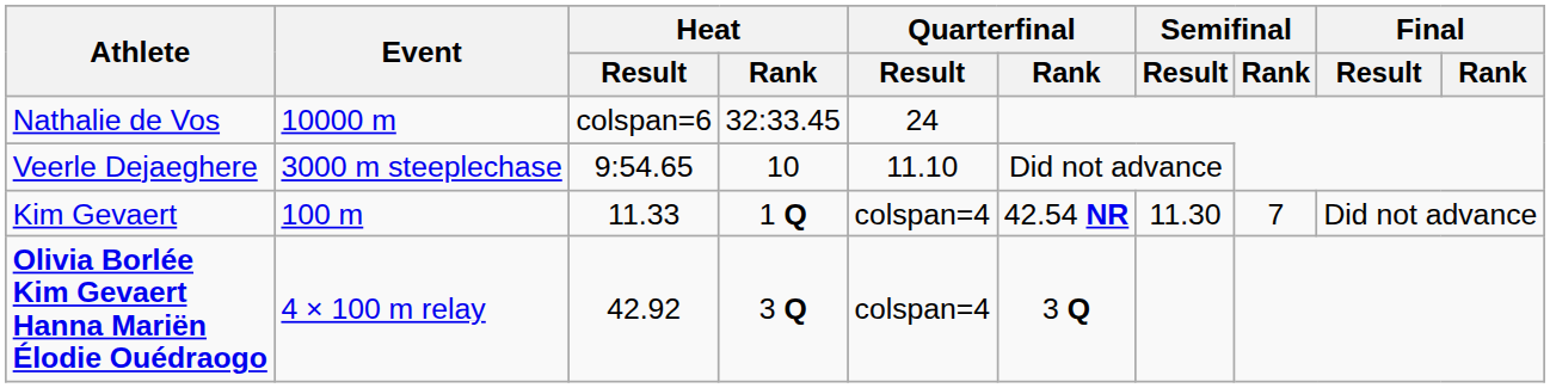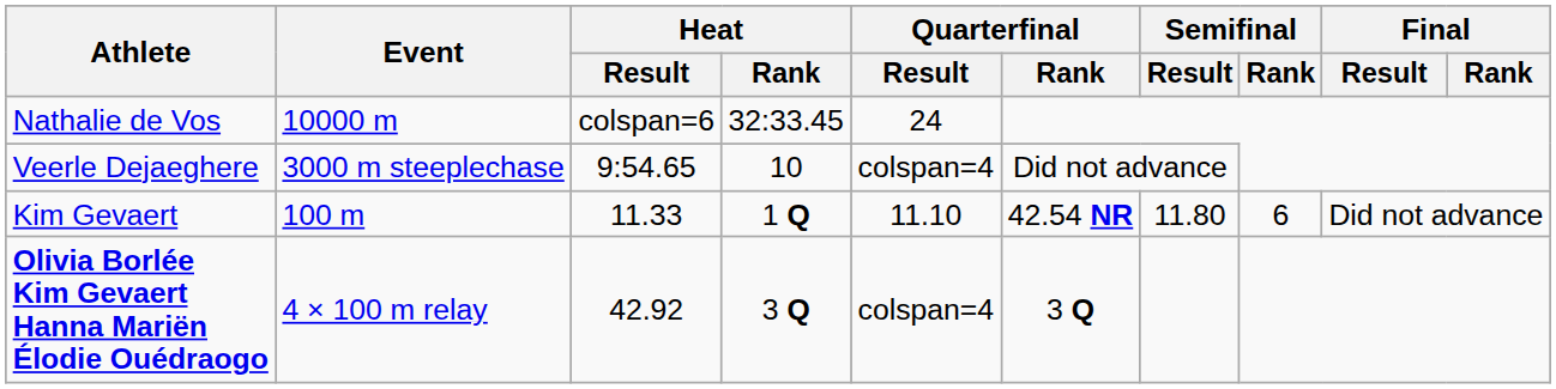 <table class="wikitable" style="font-size:90%">
 <tr>
 <th rowspan="2">Athlete</th>
 <th rowspan="2">Event</th>
 <th colspan="2">Heat</th>
 <th colspan="2">Quarterfinal</th>
 <th colspan="2">Semifinal</th>
 <th colspan="2">Final</th>
 </tr>
 <tr style="font-size:95%">
 <th>Result</th>
 <th>Rank</th>
 <th>Result</th>
 <th>Rank</th>
 <th>Result</th>
 <th>Rank</th>
 <th>Result</th>
 <th>Rank</th>
 </tr>
 <tr align=center>
 <td align=left><a href='#'>Nathalie de Vos</a></td>
 <td align=left><a href='#'>10000 m</a></td>
 <td>colspan=6 </td>
 <td>32:33.45</td>
 <td>24</td>
 </tr>
 <tr align=center>
 <td align=left><a href='#'>Veerle Dejaeghere</a></td>
 <td align=left><a href='#'>3000 m steeplechase</a></td>
 <td>9:54.65</td>
 <td>10</td>
-<td>11.10</td>
+<td>colspan=4 </td>
 <td colspan=2>Did not advance</td>
 </tr>
 <tr align=center>
 <td align=left><a href='#'>Kim Gevaert</a></td>
 <td align=left><a href='#'>100 m</a></td>
 <td>11.33</td>
 <td>1 <strong>Q</strong></td>
-<td>colspan=4 </td>
+<td>11.10</td>
 <td>42.54 <strong><a href='#'>NR</a></strong></td>
-<td>11.30</td>
-<td>7</td>
+<td>11.80</td>
+<td>6</td>
 <td colspan=2>Did not advance</td>
 </tr>
 <tr align=center>
 <td align=left><strong><a href='#'>Olivia Borlée</a> <br> <a href='#'>Kim Gevaert</a> <br> <a href='#'>Hanna Mariën</a> <br> <a href='#'>Élodie Ouédraogo</a></strong></td>
 <td align=left><a href='#'>4 × 100 m relay</a></td>
 <td>42.92</td>
 <td>3 <strong>Q</strong></td>
 <td>colspan=4 </td>
 <td>3 <strong>Q</strong></td>
 <td></td>
 </tr>
 </table>
